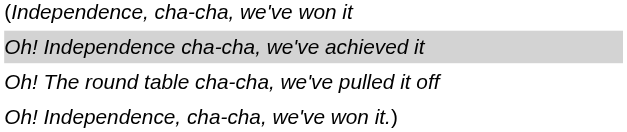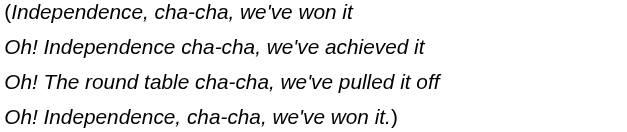 <table style="margin:auto; width:480px; height:110px;" cellpadding="0">
 <tr>
 <td>(<em>Independence, cha-cha, we've won it</em></td>
 </tr>
 <tr>
-<td style="background: lightgrey;"><em>Oh! Independence cha-cha, we've achieved it</em></td>
+<td><em>Oh! Independence cha-cha, we've achieved it</em></td>
 </tr>
 <tr>
 <td><em>Oh! The round table cha-cha, we've pulled it off</em></td>
 </tr>
 <tr>
 <td><em>Oh! Independence, cha-cha, we've won it.</em>)</td>
 </tr>
 </table>
